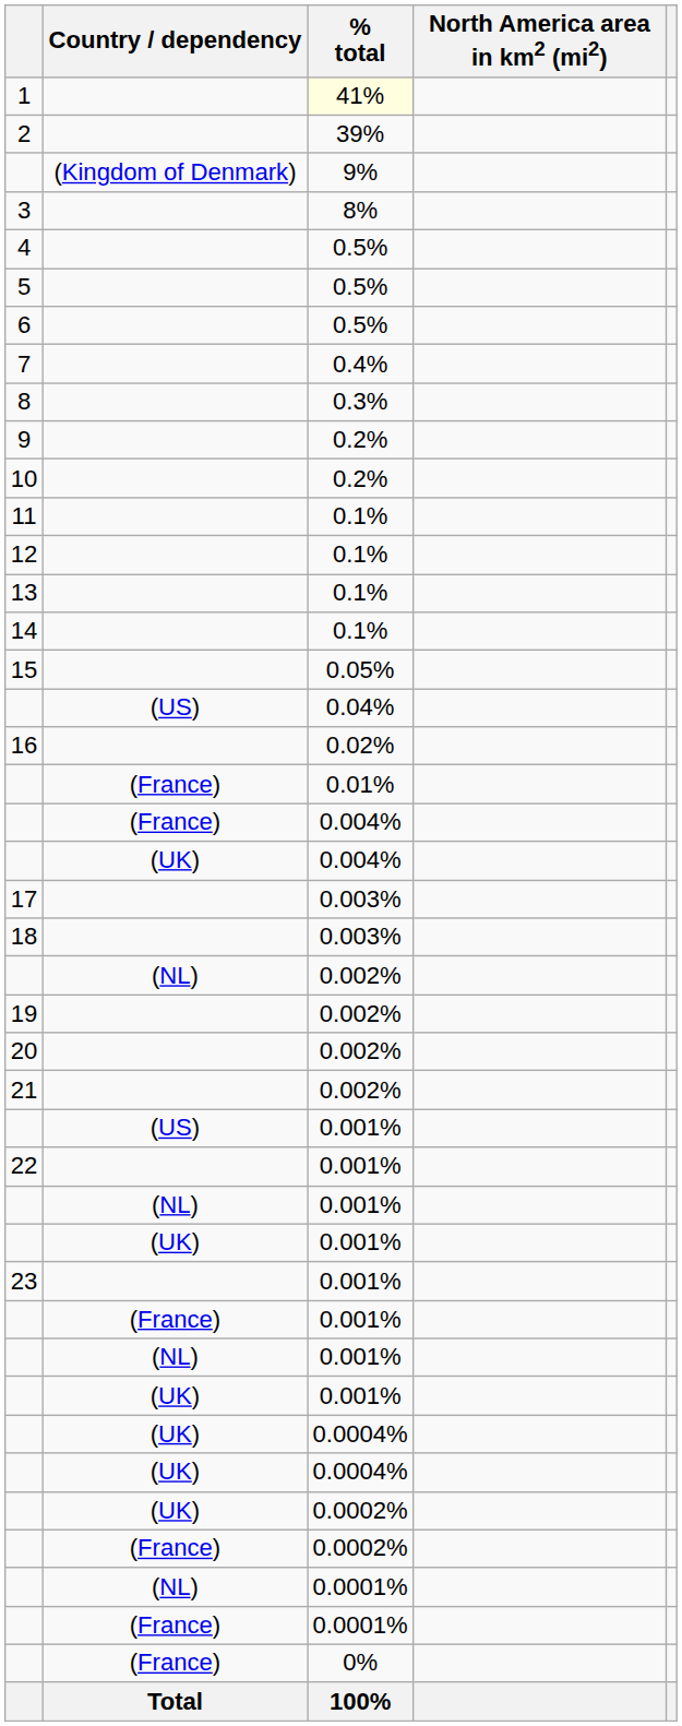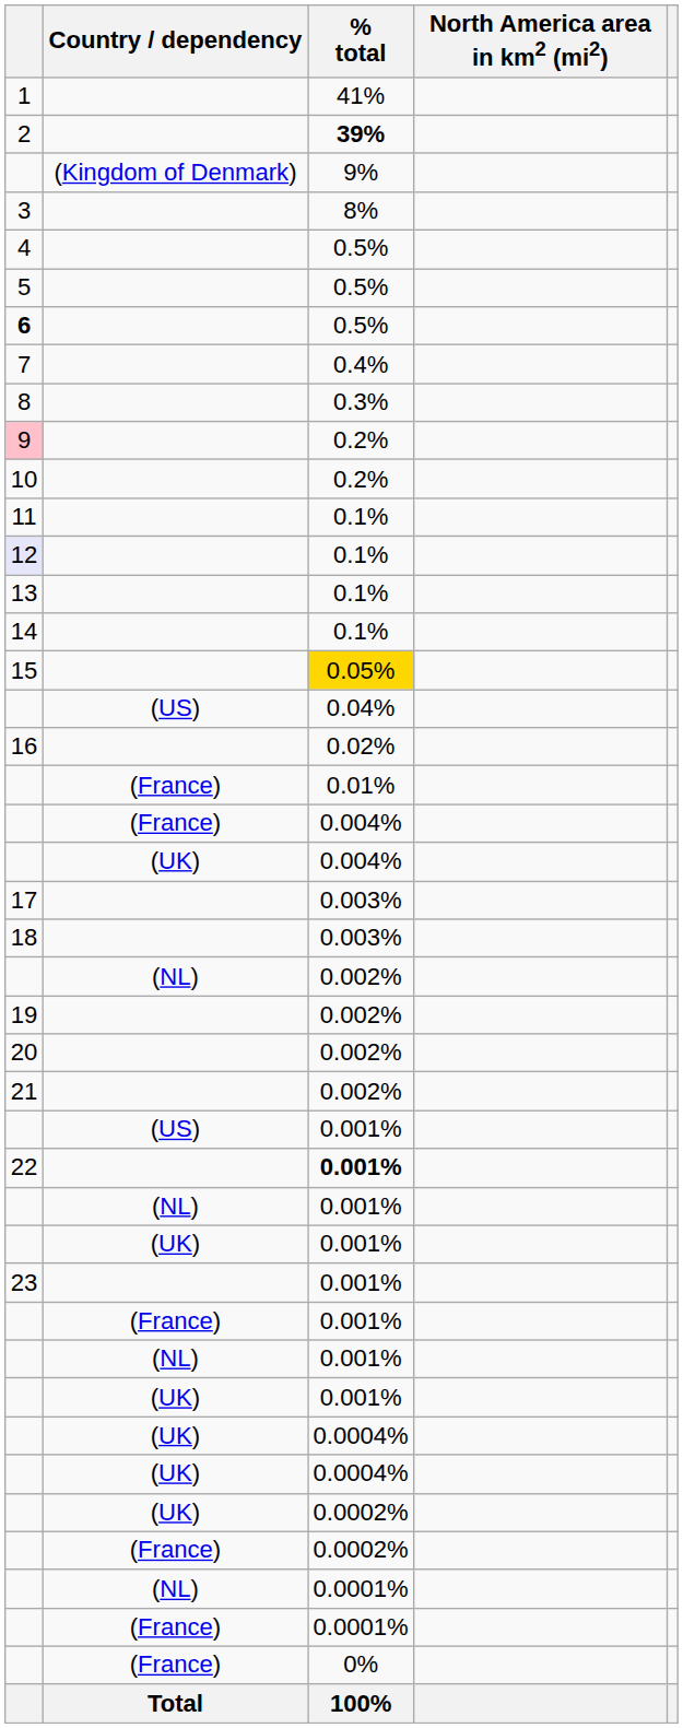 <table class="sortable wikitable sticky-header col2left" style="text-align: center">
 <tr>
 <th></th>
 <th>Country / dependency</th>
 <th>%<br>total</th>
 <th style=width:10em>North America area<br>in km<sup>2</sup> (mi<sup>2</sup>)</th>
 <th class="unsortable"></th>
 </tr>
 <tr>
 <td>1</td>
 <td></td>
-<td style="background: lightyellow;">41%</td>
+<td>41%</td>
 <td></td>
 <td></td>
 </tr>
 <tr>
 <td>2</td>
 <td></td>
-<td>39%</td>
+<td><strong>39%</strong></td>
 <td></td>
 <td></td>
 </tr>
 <tr>
 <td></td>
 <td> (<a href='#'>Kingdom of Denmark</a>)</td>
 <td>9%</td>
 <td></td>
 <td></td>
 </tr>
 <tr>
 <td>3</td>
 <td></td>
 <td>8%</td>
 <td></td>
 <td></td>
 </tr>
 <tr>
 <td>4</td>
 <td></td>
 <td>0.5%</td>
 <td></td>
 <td></td>
 </tr>
 <tr>
 <td>5</td>
 <td></td>
 <td>0.5%</td>
 <td></td>
 <td></td>
 </tr>
 <tr>
-<td>6</td>
+<td><strong>6</strong></td>
 <td></td>
 <td>0.5%</td>
 <td></td>
 <td></td>
 </tr>
 <tr>
 <td>7</td>
 <td></td>
 <td>0.4%</td>
 <td></td>
 <td></td>
 </tr>
 <tr>
 <td>8</td>
 <td></td>
 <td>0.3%</td>
 <td></td>
 <td></td>
 </tr>
 <tr>
-<td>9</td>
+<td style="background: pink;">9</td>
 <td></td>
 <td>0.2%</td>
 <td></td>
 <td></td>
 </tr>
 <tr>
 <td>10</td>
 <td></td>
 <td>0.2%</td>
 <td></td>
 <td></td>
 </tr>
 <tr>
 <td>11</td>
 <td></td>
 <td>0.1%</td>
 <td></td>
 <td></td>
 </tr>
 <tr>
-<td>12</td>
+<td style="background: lavender;">12</td>
 <td></td>
 <td>0.1%</td>
 <td></td>
 <td></td>
 </tr>
 <tr>
 <td>13</td>
 <td></td>
 <td>0.1%</td>
 <td></td>
 <td></td>
 </tr>
 <tr>
 <td>14</td>
 <td></td>
 <td>0.1%</td>
 <td></td>
 <td></td>
 </tr>
 <tr>
 <td>15</td>
 <td></td>
-<td>0.05%</td>
+<td style="background: gold;">0.05%</td>
 <td></td>
 <td></td>
 </tr>
 <tr>
 <td></td>
 <td> (<a href='#'>US</a>)</td>
 <td>0.04%</td>
 <td></td>
 <td></td>
 </tr>
 <tr>
 <td>16</td>
 <td></td>
 <td>0.02%</td>
 <td></td>
 <td></td>
 </tr>
 <tr>
 <td></td>
 <td> (<a href='#'>France</a>)</td>
 <td>0.01%</td>
 <td></td>
 <td></td>
 </tr>
 <tr>
 <td></td>
 <td> (<a href='#'>France</a>)</td>
 <td>0.004%</td>
 <td></td>
 <td></td>
 </tr>
 <tr>
 <td></td>
 <td> (<a href='#'>UK</a>)</td>
 <td>0.004%</td>
 <td></td>
 <td></td>
 </tr>
 <tr>
 <td>17</td>
 <td></td>
 <td>0.003%</td>
 <td></td>
 <td></td>
 </tr>
 <tr>
 <td>18</td>
 <td></td>
 <td>0.003%</td>
 <td></td>
 <td></td>
 </tr>
 <tr>
 <td></td>
 <td> (<a href='#'>NL</a>)</td>
 <td>0.002%</td>
 <td></td>
 <td></td>
 </tr>
 <tr>
 <td>19</td>
 <td></td>
 <td>0.002%</td>
 <td></td>
 <td></td>
 </tr>
 <tr>
 <td>20</td>
 <td></td>
 <td>0.002%</td>
 <td></td>
 <td></td>
 </tr>
 <tr>
 <td>21</td>
 <td></td>
 <td>0.002%</td>
 <td></td>
 <td></td>
 </tr>
 <tr>
 <td></td>
 <td> (<a href='#'>US</a>)</td>
 <td>0.001%</td>
 <td></td>
 <td></td>
 </tr>
 <tr>
 <td>22</td>
 <td></td>
-<td>0.001%</td>
+<td><strong>0.001%</strong></td>
 <td></td>
 <td></td>
 </tr>
 <tr>
 <td></td>
 <td> (<a href='#'>NL</a>)</td>
 <td>0.001%</td>
 <td></td>
 <td></td>
 </tr>
 <tr>
 <td></td>
 <td> (<a href='#'>UK</a>)</td>
 <td>0.001%</td>
 <td></td>
 <td></td>
 </tr>
 <tr>
 <td>23</td>
 <td></td>
 <td>0.001%</td>
 <td></td>
 <td></td>
 </tr>
 <tr>
 <td></td>
 <td> (<a href='#'>France</a>)</td>
 <td>0.001%</td>
 <td></td>
 <td></td>
 </tr>
 <tr>
 <td></td>
 <td> (<a href='#'>NL</a>)</td>
 <td>0.001%</td>
 <td></td>
 <td></td>
 </tr>
 <tr>
 <td></td>
 <td> (<a href='#'>UK</a>)</td>
 <td>0.001%</td>
 <td></td>
 <td></td>
 </tr>
 <tr>
 <td></td>
 <td> (<a href='#'>UK</a>)</td>
 <td>0.0004%</td>
 <td></td>
 <td></td>
 </tr>
 <tr>
 <td></td>
 <td> (<a href='#'>UK</a>)</td>
 <td>0.0004%</td>
 <td></td>
 <td></td>
 </tr>
 <tr>
 <td></td>
 <td> (<a href='#'>UK</a>)</td>
 <td>0.0002%</td>
 <td></td>
 <td></td>
 </tr>
 <tr>
 <td></td>
 <td> (<a href='#'>France</a>)</td>
 <td>0.0002%</td>
 <td></td>
 <td></td>
 </tr>
 <tr>
 <td></td>
 <td> (<a href='#'>NL</a>)</td>
 <td>0.0001%</td>
 <td></td>
 <td></td>
 </tr>
 <tr>
 <td></td>
 <td> (<a href='#'>France</a>)</td>
 <td>0.0001%</td>
 <td></td>
 <td></td>
 </tr>
 <tr>
 <td></td>
 <td> (<a href='#'>France</a>)</td>
 <td>0%</td>
 <td></td>
 <td></td>
 </tr>
 <tr>
 <th></th>
 <th>Total</th>
 <th>100%</th>
 <th></th>
 <th></th>
 </tr>
 </table>
